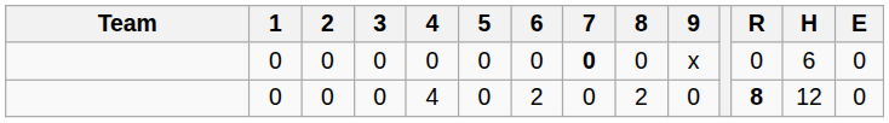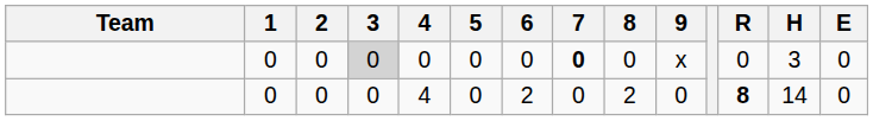 <table border=1 cellspacing=0 width=600 style="margin-left:3em;" class="wikitable">
 <tr style="text-align:center; background-color:#e6e6e6;">
 <th align=left width=28%>Team</th>
 <th width=6%>1</th>
 <th width=6%>2</th>
 <th width=6%>3</th>
 <th width=6%>4</th>
 <th width=6%>5</th>
 <th width=6%>6</th>
 <th width=6%>7</th>
 <th width=6%>8</th>
 <th width=6%>9</th>
 <th rowspan="3" width=0.5%></th>
 <th width=6%>R</th>
 <th width=6%>H</th>
 <th width=6%>E</th>
 </tr>
 <tr style="text-align:center;">
 <td align=left></td>
 <td>0</td>
 <td>0</td>
-<td>0</td>
+<td style="background: lightgrey;">0</td>
 <td>0</td>
 <td>0</td>
 <td>0</td>
 <td><strong>0</strong></td>
 <td>0</td>
 <td>x</td>
 <td>0</td>
-<td>6</td>
+<td>3</td>
 <td>0</td>
 </tr>
 <tr style="text-align:center;">
 <td align=left></td>
 <td>0</td>
 <td>0</td>
 <td>0</td>
 <td>4</td>
 <td>0</td>
 <td>2</td>
 <td>0</td>
 <td>2</td>
 <td>0</td>
 <td><strong>8</strong></td>
-<td>12</td>
+<td>14</td>
 <td>0</td>
 </tr>
 </table>
